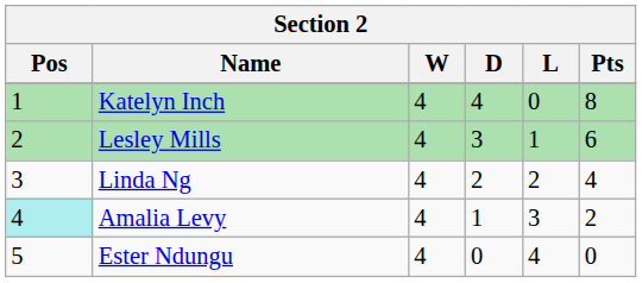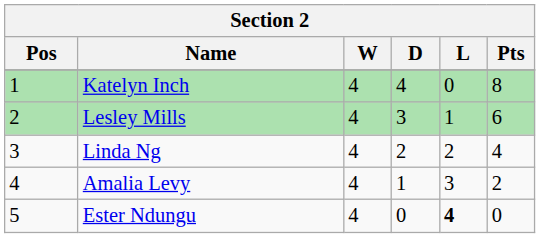 <table class="wikitable">
 <tr>
 <th colspan="6">Section 2</th>
 </tr>
 <tr>
 <th width=50>Pos</th>
 <th width=200>Name</th>
 <th width=30>W</th>
 <th width=30>D</th>
 <th width=30>L</th>
 <th width=30>Pts</th>
 </tr>
 <tr>
 </tr>
 <tr style="background:#ACE1AF;">
 <td>1</td>
 <td> <a href='#'>Katelyn Inch</a></td>
 <td>4</td>
 <td>4</td>
 <td>0</td>
 <td>8</td>
 </tr>
 <tr style="background:#ACE1AF;">
 <td>2</td>
 <td> <a href='#'>Lesley Mills</a></td>
 <td>4</td>
 <td>3</td>
 <td>1</td>
 <td>6</td>
 </tr>
 <tr>
 <td>3</td>
 <td> <a href='#'>Linda Ng</a></td>
 <td>4</td>
 <td>2</td>
 <td>2</td>
 <td>4</td>
 </tr>
 <tr>
-<td style="background: paleturquoise;">4</td>
+<td>4</td>
 <td> <a href='#'>Amalia Levy</a></td>
 <td>4</td>
 <td>1</td>
 <td>3</td>
 <td>2</td>
 </tr>
 <tr>
 <td>5</td>
 <td> <a href='#'>Ester Ndungu</a></td>
 <td>4</td>
 <td>0</td>
-<td>4</td>
+<td><strong>4</strong></td>
 <td>0</td>
 </tr>
 </table>
